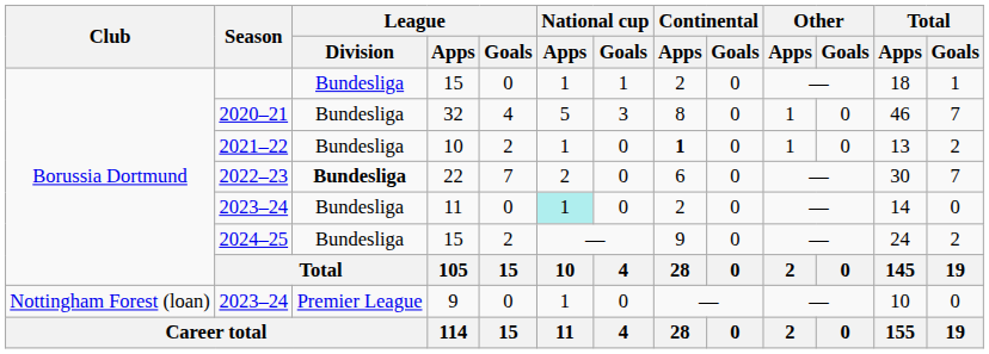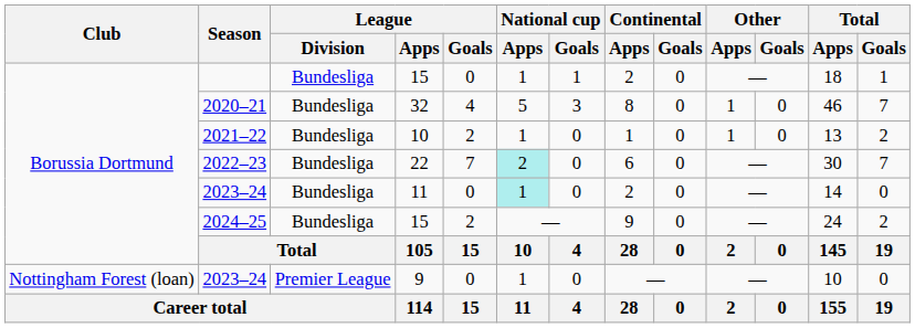 <table class="wikitable" style="text-align:center">
 <tr>
 <th rowspan="2">Club</th>
 <th rowspan="2">Season</th>
 <th colspan="3">League</th>
 <th colspan="2">National cup</th>
 <th colspan="2">Continental</th>
 <th colspan="2">Other</th>
 <th colspan="2">Total</th>
 </tr>
 <tr>
 <th>Division</th>
 <th>Apps</th>
 <th>Goals</th>
 <th>Apps</th>
 <th>Goals</th>
 <th>Apps</th>
 <th>Goals</th>
 <th>Apps</th>
 <th>Goals</th>
 <th>Apps</th>
 <th>Goals</th>
 </tr>
 <tr>
 <td rowspan="7"><a href='#'>Borussia Dortmund</a></td>
 <td></td>
 <td><a href='#'>Bundesliga</a></td>
 <td>15</td>
 <td>0</td>
 <td>1</td>
 <td>1</td>
 <td>2</td>
 <td>0</td>
 <td colspan="2">—</td>
 <td>18</td>
 <td>1</td>
 </tr>
 <tr>
 <td><a href='#'>2020–21</a></td>
 <td>Bundesliga</td>
 <td>32</td>
 <td>4</td>
 <td>5</td>
 <td>3</td>
 <td>8</td>
 <td>0</td>
 <td>1</td>
 <td>0</td>
 <td>46</td>
 <td>7</td>
 </tr>
 <tr>
 <td><a href='#'>2021–22</a></td>
 <td>Bundesliga</td>
 <td>10</td>
 <td>2</td>
 <td>1</td>
 <td>0</td>
-<td><strong>1</strong></td>
+<td>1</td>
 <td>0</td>
 <td>1</td>
 <td>0</td>
 <td>13</td>
 <td>2</td>
 </tr>
 <tr>
 <td><a href='#'>2022–23</a></td>
-<td><strong>Bundesliga</strong></td>
+<td>Bundesliga</td>
 <td>22</td>
 <td>7</td>
-<td>2</td>
+<td style="background: paleturquoise;">2</td>
 <td>0</td>
 <td>6</td>
 <td>0</td>
 <td colspan="2">—</td>
 <td>30</td>
 <td>7</td>
 </tr>
 <tr>
 <td><a href='#'>2023–24</a></td>
 <td>Bundesliga</td>
 <td>11</td>
 <td>0</td>
 <td style="background: paleturquoise;">1</td>
 <td>0</td>
 <td>2</td>
 <td>0</td>
 <td colspan="2">—</td>
 <td>14</td>
 <td>0</td>
 </tr>
 <tr>
 <td><a href='#'>2024–25</a></td>
 <td>Bundesliga</td>
 <td>15</td>
 <td>2</td>
 <td colspan="2">—</td>
 <td>9</td>
 <td>0</td>
 <td colspan="2">—</td>
 <td>24</td>
 <td>2</td>
 </tr>
 <tr>
 <th colspan="2">Total</th>
 <th>105</th>
 <th>15</th>
 <th>10</th>
 <th>4</th>
 <th>28</th>
 <th>0</th>
 <th>2</th>
 <th>0</th>
 <th>145</th>
 <th>19</th>
 </tr>
 <tr>
 <td><a href='#'>Nottingham Forest</a> (loan)</td>
 <td><a href='#'>2023–24</a></td>
 <td><a href='#'>Premier League</a></td>
 <td>9</td>
 <td>0</td>
 <td>1</td>
 <td>0</td>
 <td colspan="2">—</td>
 <td colspan="2">—</td>
 <td>10</td>
 <td>0</td>
 </tr>
 <tr>
 <th colspan="3">Career total</th>
 <th>114</th>
 <th>15</th>
 <th>11</th>
 <th>4</th>
 <th>28</th>
 <th>0</th>
 <th>2</th>
 <th>0</th>
 <th>155</th>
 <th>19</th>
 </tr>
 </table>
